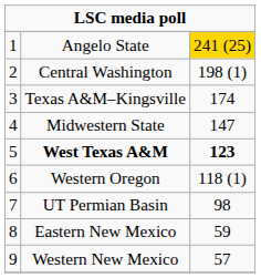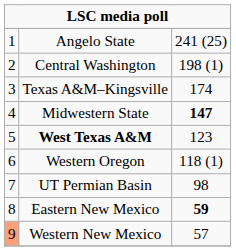 <table class="wikitable" style="display: inline-table;">
 <tr>
 <td align="center" Colspan="3"><strong>LSC media poll</strong></td>
 </tr>
 <tr align="center">
 </tr>
 <tr align="center">
 <td>1</td>
 <td>Angelo State</td>
-<td style="background: gold;">241 (25)</td>
+<td>241 (25)</td>
 </tr>
 <tr align="center">
 <td>2</td>
 <td>Central Washington</td>
 <td>198 (1)</td>
 </tr>
 <tr align="center">
 <td>3</td>
 <td>Texas A&M–Kingsville</td>
 <td>174</td>
 </tr>
 <tr align="center">
 <td>4</td>
 <td>Midwestern State</td>
-<td>147</td>
+<td><strong>147</strong></td>
 </tr>
 <tr align="center">
 <td>5</td>
 <td><strong>West Texas A&M</strong></td>
-<td><strong>123</strong></td>
+<td>123</td>
 </tr>
 <tr align="center">
 <td>6</td>
 <td>Western Oregon</td>
 <td>118 (1)</td>
 </tr>
 <tr align="center">
 <td>7</td>
 <td>UT Permian Basin</td>
 <td>98</td>
 </tr>
 <tr align="center">
 <td>8</td>
 <td>Eastern New Mexico</td>
-<td>59</td>
+<td><strong>59</strong></td>
 </tr>
 <tr align="center">
-<td>9</td>
+<td style="background: lightsalmon;">9</td>
 <td>Western New Mexico</td>
 <td>57</td>
 </tr>
 <tr>
 </tr>
 </table>
